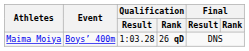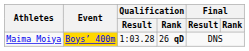 <table class="wikitable" border="1" style="font-size:90%">
 <tr>
 <th rowspan=2>Athletes</th>
 <th rowspan=2>Event</th>
 <th colspan=2>Qualification</th>
 <th colspan=2>Final</th>
 </tr>
 <tr>
 <th>Result</th>
 <th>Rank</th>
 <th>Result</th>
 <th>Rank</th>
 </tr>
 <tr>
 <td><a href='#'>Maima Moiya</a></td>
-<td><a href='#'>Boys’ 400m</a></td>
+<td style="background: gold;"><a href='#'>Boys’ 400m</a></td>
 <td align=center>1:03.28</td>
 <td align=center>26 <strong>qD</strong></td>
 <td align=center colspan=2>DNS</td>
 </tr>
 </table>
